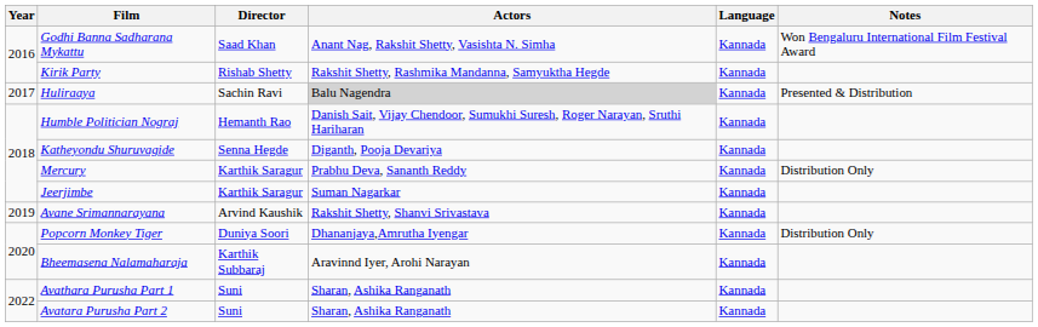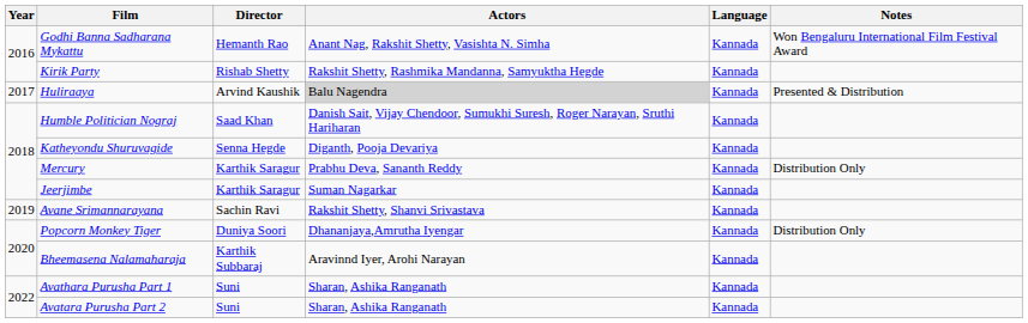 <table class="wikitable sortable">
 <tr>
 <th scope="col">Year</th>
 <th scope="col">Film</th>
 <th scope="col">Director</th>
 <th>Actors</th>
 <th>Language</th>
 <th>Notes</th>
 </tr>
 <tr>
 <td rowspan='2'>2016</td>
 <td><em><a href='#'>Godhi Banna Sadharana Mykattu</a></em></td>
-<td><a href='#'>Saad Khan</a></td>
+<td><a href='#'>Hemanth Rao</a></td>
 <td><a href='#'>Anant Nag</a>, <a href='#'>Rakshit Shetty</a>, <a href='#'>Vasishta N. Simha</a></td>
 <td><a href='#'>Kannada</a></td>
 <td>Won <a href='#'>Bengaluru International Film Festival</a> Award</td>
 </tr>
 <tr>
 <td><em><a href='#'>Kirik Party</a></em></td>
 <td><a href='#'>Rishab Shetty</a></td>
 <td><a href='#'>Rakshit Shetty</a>, <a href='#'>Rashmika Mandanna</a>, <a href='#'>Samyuktha Hegde</a></td>
 <td><a href='#'>Kannada</a></td>
 <td></td>
 </tr>
 <tr>
 <td>2017</td>
 <td><em><a href='#'>Huliraaya</a></em></td>
-<td>Sachin Ravi</td>
+<td>Arvind Kaushik</td>
 <td style="background: lightgrey;">Balu Nagendra</td>
 <td><a href='#'>Kannada</a></td>
 <td>Presented & Distribution</td>
 </tr>
 <tr>
 <td rowspan='4'>2018</td>
 <td><em><a href='#'>Humble Politician Nograj</a></em></td>
-<td><a href='#'>Hemanth Rao</a></td>
+<td><a href='#'>Saad Khan</a></td>
 <td><a href='#'>Danish Sait</a>, <a href='#'>Vijay Chendoor</a>, <a href='#'>Sumukhi Suresh</a>, <a href='#'>Roger Narayan</a>, <a href='#'>Sruthi Hariharan</a></td>
 <td><a href='#'>Kannada</a></td>
 <td></td>
 </tr>
 <tr>
 <td><em><a href='#'>Katheyondu Shuruvagide</a></em></td>
 <td><a href='#'>Senna Hegde</a></td>
 <td><a href='#'>Diganth</a>, <a href='#'>Pooja Devariya</a></td>
 <td><a href='#'>Kannada</a></td>
 <td></td>
 </tr>
 <tr>
 <td><em><a href='#'>Mercury</a></em></td>
 <td><a href='#'>Karthik Saragur</a></td>
 <td><a href='#'>Prabhu Deva</a>, <a href='#'>Sananth Reddy</a></td>
 <td><a href='#'>Kannada</a></td>
 <td>Distribution Only</td>
 </tr>
 <tr>
 <td><em><a href='#'>Jeerjimbe</a></em></td>
 <td><a href='#'>Karthik Saragur</a></td>
 <td><a href='#'>Suman Nagarkar</a></td>
 <td><a href='#'>Kannada</a></td>
 <td></td>
 </tr>
 <tr>
 <td>2019</td>
 <td><em><a href='#'>Avane Srimannarayana</a></em></td>
-<td>Arvind Kaushik</td>
+<td>Sachin Ravi</td>
 <td><a href='#'>Rakshit Shetty</a>, <a href='#'>Shanvi Srivastava</a></td>
 <td><a href='#'>Kannada</a></td>
 <td></td>
 </tr>
 <tr>
 <td rowspan='2'>2020</td>
 <td><em><a href='#'>Popcorn Monkey Tiger</a></em></td>
 <td><a href='#'>Duniya Soori</a></td>
 <td><a href='#'>Dhananjaya</a>,<a href='#'>Amrutha Iyengar</a></td>
 <td><a href='#'>Kannada</a></td>
 <td>Distribution Only</td>
 </tr>
 <tr>
 <td><em><a href='#'>Bheemasena Nalamaharaja</a></em></td>
 <td><a href='#'>Karthik Subbaraj</a></td>
 <td>Aravinnd Iyer, Arohi Narayan</td>
 <td><a href='#'>Kannada</a></td>
 <td></td>
 </tr>
 <tr>
 <td rowspan='2'>2022</td>
 <td><em><a href='#'>Avathara Purusha Part 1</a></em></td>
 <td><a href='#'>Suni</a></td>
 <td><a href='#'>Sharan</a>, <a href='#'>Ashika Ranganath</a></td>
 <td><a href='#'>Kannada</a></td>
 <td></td>
 </tr>
 <tr>
 <td><em><a href='#'>Avatara Purusha Part 2</a></em></td>
 <td><a href='#'>Suni</a></td>
 <td><a href='#'>Sharan</a>, <a href='#'>Ashika Ranganath</a></td>
 <td><a href='#'>Kannada</a></td>
 <td></td>
 </tr>
 </table>
